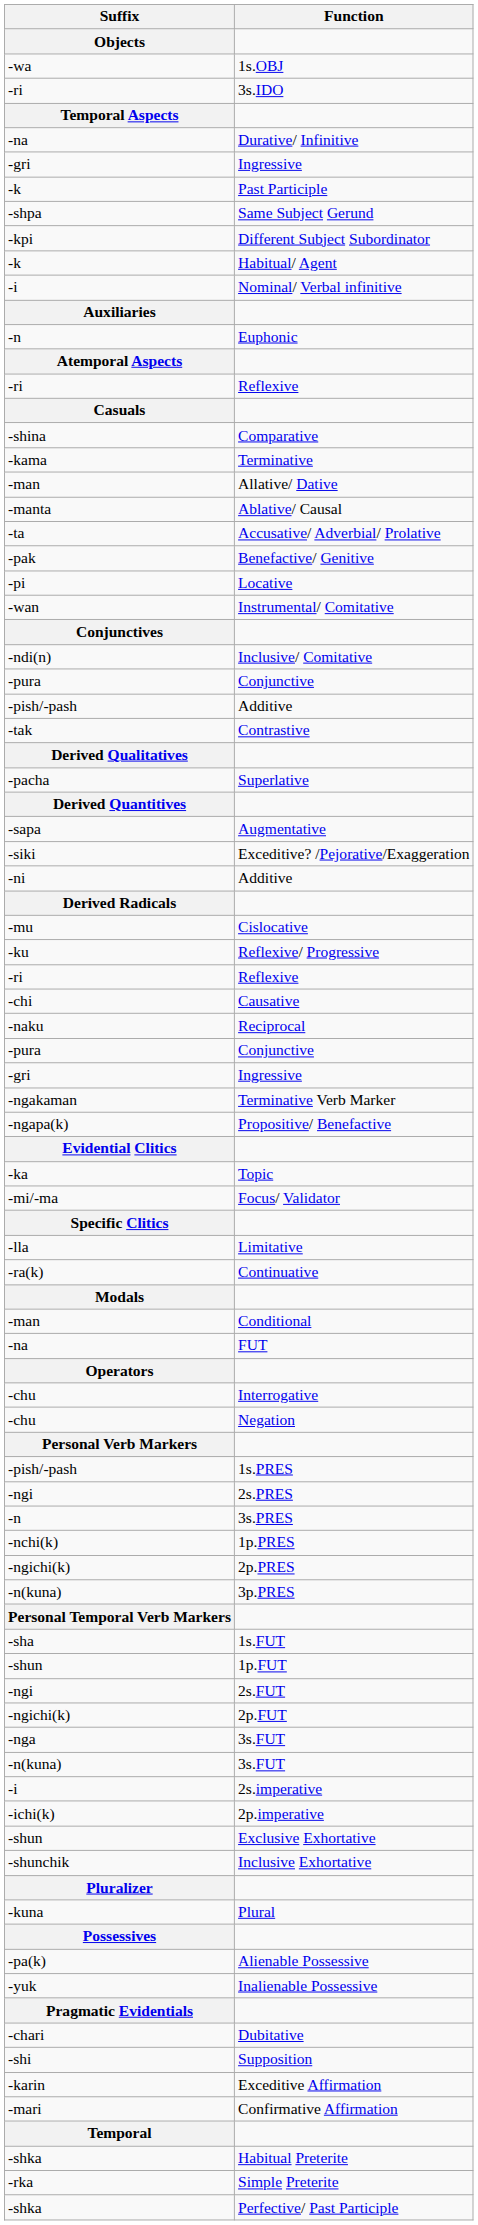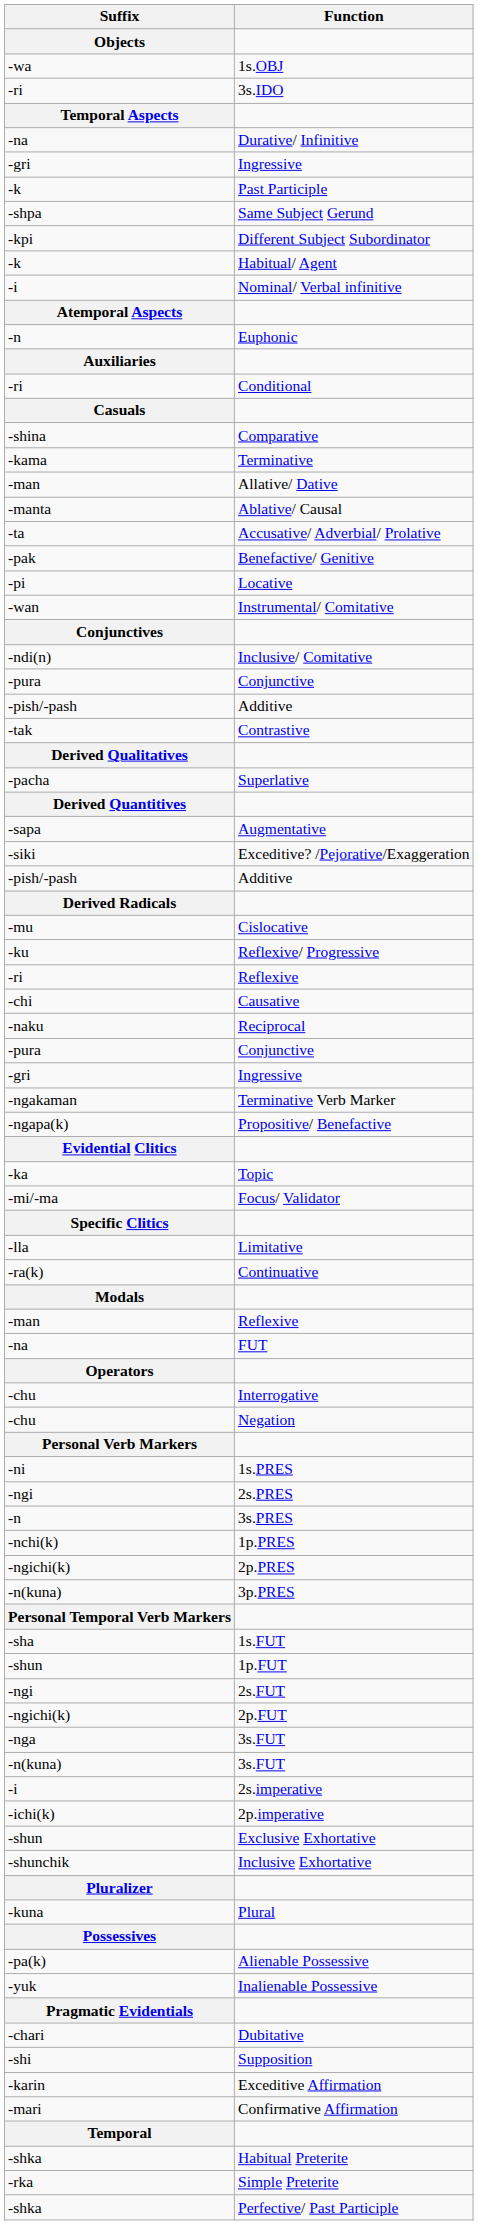 <table class="wikitable">
 <tr>
 <th scope="col">Suffix</th>
 <th scope="col">Function</th>
 </tr>
 <tr>
 <th>Objects</th>
 <td></td>
 </tr>
 <tr>
 <td>-wa</td>
 <td>1s.<a href='#'>OBJ</a></td>
 </tr>
 <tr>
 <td>-ri</td>
 <td>3s.<a href='#'>IDO</a></td>
 </tr>
 <tr>
 <th>Temporal <a href='#'>Aspects</a></th>
 <td></td>
 </tr>
 <tr>
 <td>-na</td>
 <td><a href='#'>Durative</a>/ <a href='#'>Infinitive</a></td>
 </tr>
 <tr>
 <td>-gri</td>
 <td><a href='#'>Ingressive</a></td>
 </tr>
 <tr>
 <td>-k</td>
 <td><a href='#'>Past Participle</a></td>
 </tr>
 <tr>
 <td>-shpa</td>
 <td><a href='#'>Same Subject</a> <a href='#'>Gerund</a></td>
 </tr>
 <tr>
 <td>-kpi</td>
 <td><a href='#'>Different Subject</a> <a href='#'>Subordinator</a></td>
 </tr>
 <tr>
 <td>-k</td>
 <td><a href='#'>Habitual</a>/ <a href='#'>Agent</a></td>
 </tr>
 <tr>
 <td>-i</td>
 <td><a href='#'>Nominal</a>/ <a href='#'>Verbal infinitive</a></td>
 </tr>
 <tr>
-<th>Auxiliaries</th>
+<th>Atemporal <a href='#'>Aspects</a></th>
 <td></td>
 </tr>
 <tr>
 <td>-n</td>
 <td><a href='#'>Euphonic</a></td>
 </tr>
 <tr>
-<th>Atemporal <a href='#'>Aspects</a></th>
+<th>Auxiliaries</th>
 <td></td>
 </tr>
 <tr>
 <td>-ri</td>
-<td><a href='#'>Reflexive</a></td>
+<td><a href='#'>Conditional</a></td>
 </tr>
 <tr>
 <th>Casuals</th>
 <td></td>
 </tr>
 <tr>
 <td>-shina</td>
 <td><a href='#'>Comparative</a></td>
 </tr>
 <tr>
 <td>-kama</td>
 <td><a href='#'>Terminative</a></td>
 </tr>
 <tr>
 <td>-man</td>
 <td>Allative/ <a href='#'>Dative</a></td>
 </tr>
 <tr>
 <td>-manta</td>
 <td><a href='#'>Ablative</a>/ Causal</td>
 </tr>
 <tr>
 <td>-ta</td>
 <td><a href='#'>Accusative</a>/ <a href='#'>Adverbial</a>/ <a href='#'>Prolative</a></td>
 </tr>
 <tr>
 <td>-pak</td>
 <td><a href='#'>Benefactive</a>/ <a href='#'>Genitive</a></td>
 </tr>
 <tr>
 <td>-pi</td>
 <td><a href='#'>Locative</a></td>
 </tr>
 <tr>
 <td>-wan</td>
 <td><a href='#'>Instrumental</a>/ <a href='#'>Comitative</a></td>
 </tr>
 <tr>
 <th>Conjunctives</th>
 <td></td>
 </tr>
 <tr>
 <td>-ndi(n)</td>
 <td><a href='#'>Inclusive</a>/ <a href='#'>Comitative</a></td>
 </tr>
 <tr>
 <td>-pura</td>
 <td><a href='#'>Conjunctive</a></td>
 </tr>
 <tr>
 <td>-pish/-pash</td>
 <td>Additive</td>
 </tr>
 <tr>
 <td>-tak</td>
 <td><a href='#'>Contrastive</a></td>
 </tr>
 <tr>
 <th>Derived <a href='#'>Qualitatives</a></th>
 <td></td>
 </tr>
 <tr>
 <td>-pacha</td>
 <td><a href='#'>Superlative</a></td>
 </tr>
 <tr>
 <th>Derived <a href='#'>Quantitives</a></th>
 <td></td>
 </tr>
 <tr>
 <td>-sapa</td>
 <td><a href='#'>Augmentative</a></td>
 </tr>
 <tr>
 <td>-siki</td>
 <td>Exceditive? /<a href='#'>Pejorative</a>/Exaggeration</td>
 </tr>
 <tr>
-<td>-ni</td>
+<td>-pish/-pash</td>
 <td>Additive</td>
 </tr>
 <tr>
 <th>Derived Radicals</th>
 <td></td>
 </tr>
 <tr>
 <td>-mu</td>
 <td><a href='#'>Cislocative</a></td>
 </tr>
 <tr>
 <td>-ku</td>
 <td><a href='#'>Reflexive</a>/ <a href='#'>Progressive</a></td>
 </tr>
 <tr>
 <td>-ri</td>
 <td><a href='#'>Reflexive</a></td>
 </tr>
 <tr>
 <td>-chi</td>
 <td><a href='#'>Causative</a></td>
 </tr>
 <tr>
 <td>-naku</td>
 <td><a href='#'>Reciprocal</a></td>
 </tr>
 <tr>
 <td>-pura</td>
 <td><a href='#'>Conjunctive</a></td>
 </tr>
 <tr>
 <td>-gri</td>
 <td><a href='#'>Ingressive</a></td>
 </tr>
 <tr>
 <td>-ngakaman</td>
 <td><a href='#'>Terminative</a> Verb Marker</td>
 </tr>
 <tr>
 <td>-ngapa(k)</td>
 <td><a href='#'>Propositive</a>/ <a href='#'>Benefactive</a></td>
 </tr>
 <tr>
 <th><a href='#'>Evidential</a> <a href='#'>Clitics</a></th>
 <td></td>
 </tr>
 <tr>
 <td>-ka</td>
 <td><a href='#'>Topic</a></td>
 </tr>
 <tr>
 <td>-mi/-ma</td>
 <td><a href='#'>Focus</a>/ <a href='#'>Validator</a></td>
 </tr>
 <tr>
 <th>Specific <a href='#'>Clitics</a></th>
 <td></td>
 </tr>
 <tr>
 <td>-lla</td>
 <td><a href='#'>Limitative</a></td>
 </tr>
 <tr>
 <td>-ra(k)</td>
 <td><a href='#'>Continuative</a></td>
 </tr>
 <tr>
 <th>Modals</th>
 <td></td>
 </tr>
 <tr>
 <td>-man</td>
-<td><a href='#'>Conditional</a></td>
+<td><a href='#'>Reflexive</a></td>
 </tr>
 <tr>
 <td>-na</td>
 <td><a href='#'>FUT</a> </td>
 </tr>
 <tr>
 <th>Operators</th>
 <td></td>
 </tr>
 <tr>
 <td>-chu</td>
 <td><a href='#'>Interrogative</a></td>
 </tr>
 <tr>
 <td>-chu</td>
 <td><a href='#'>Negation</a></td>
 </tr>
 <tr>
 <th>Personal Verb Markers</th>
 <td></td>
 </tr>
 <tr>
-<td>-pish/-pash</td>
+<td>-ni</td>
 <td>1s.<a href='#'>PRES</a></td>
 </tr>
 <tr>
 <td>-ngi</td>
 <td>2s.<a href='#'>PRES</a></td>
 </tr>
 <tr>
 <td>-n</td>
 <td>3s.<a href='#'>PRES</a></td>
 </tr>
 <tr>
 <td>-nchi(k)</td>
 <td>1p.<a href='#'>PRES</a></td>
 </tr>
 <tr>
 <td>-ngichi(k)</td>
 <td>2p.<a href='#'>PRES</a></td>
 </tr>
 <tr>
 <td>-n(kuna)</td>
 <td>3p.<a href='#'>PRES</a></td>
 </tr>
 <tr>
 <th>Personal Temporal Verb Markers</th>
 <td></td>
 </tr>
 <tr>
 <td>-sha</td>
 <td>1s.<a href='#'>FUT</a></td>
 </tr>
 <tr>
 <td>-shun</td>
 <td>1p.<a href='#'>FUT</a></td>
 </tr>
 <tr>
 <td>-ngi</td>
 <td>2s.<a href='#'>FUT</a></td>
 </tr>
 <tr>
 <td>-ngichi(k)</td>
 <td>2p.<a href='#'>FUT</a></td>
 </tr>
 <tr>
 <td>-nga</td>
 <td>3s.<a href='#'>FUT</a></td>
 </tr>
 <tr>
 <td>-n(kuna)</td>
 <td>3s.<a href='#'>FUT</a></td>
 </tr>
 <tr>
 <td>-i</td>
 <td>2s.<a href='#'>imperative</a></td>
 </tr>
 <tr>
 <td>-ichi(k)</td>
 <td>2p.<a href='#'>imperative</a></td>
 </tr>
 <tr>
 <td>-shun</td>
 <td><a href='#'>Exclusive</a> <a href='#'>Exhortative</a></td>
 </tr>
 <tr>
 <td>-shunchik</td>
 <td><a href='#'>Inclusive</a> <a href='#'>Exhortative</a></td>
 </tr>
 <tr>
 <th><a href='#'>Pluralizer</a></th>
 <td></td>
 </tr>
 <tr>
 <td>-kuna</td>
 <td><a href='#'>Plural</a></td>
 </tr>
 <tr>
 <th><a href='#'>Possessives</a></th>
 <td></td>
 </tr>
 <tr>
 <td>-pa(k)</td>
 <td><a href='#'>Alienable Possessive</a></td>
 </tr>
 <tr>
 <td>-yuk</td>
 <td><a href='#'>Inalienable Possessive</a></td>
 </tr>
 <tr>
 <th>Pragmatic <a href='#'>Evidentials</a></th>
 <td></td>
 </tr>
 <tr>
 <td>-chari</td>
 <td><a href='#'>Dubitative</a></td>
 </tr>
 <tr>
 <td>-shi</td>
 <td><a href='#'>Supposition</a></td>
 </tr>
 <tr>
 <td>-karin</td>
 <td>Exceditive <a href='#'>Affirmation</a></td>
 </tr>
 <tr>
 <td>-mari</td>
 <td>Confirmative <a href='#'>Affirmation</a></td>
 </tr>
 <tr>
 <th>Temporal</th>
 <td></td>
 </tr>
 <tr>
 <td>-shka</td>
 <td><a href='#'>Habitual</a> <a href='#'>Preterite</a></td>
 </tr>
 <tr>
 <td>-rka</td>
 <td><a href='#'>Simple</a> <a href='#'>Preterite</a></td>
 </tr>
 <tr>
 <td>-shka</td>
 <td><a href='#'>Perfective</a>/ <a href='#'>Past Participle</a></td>
 </tr>
 </table>
